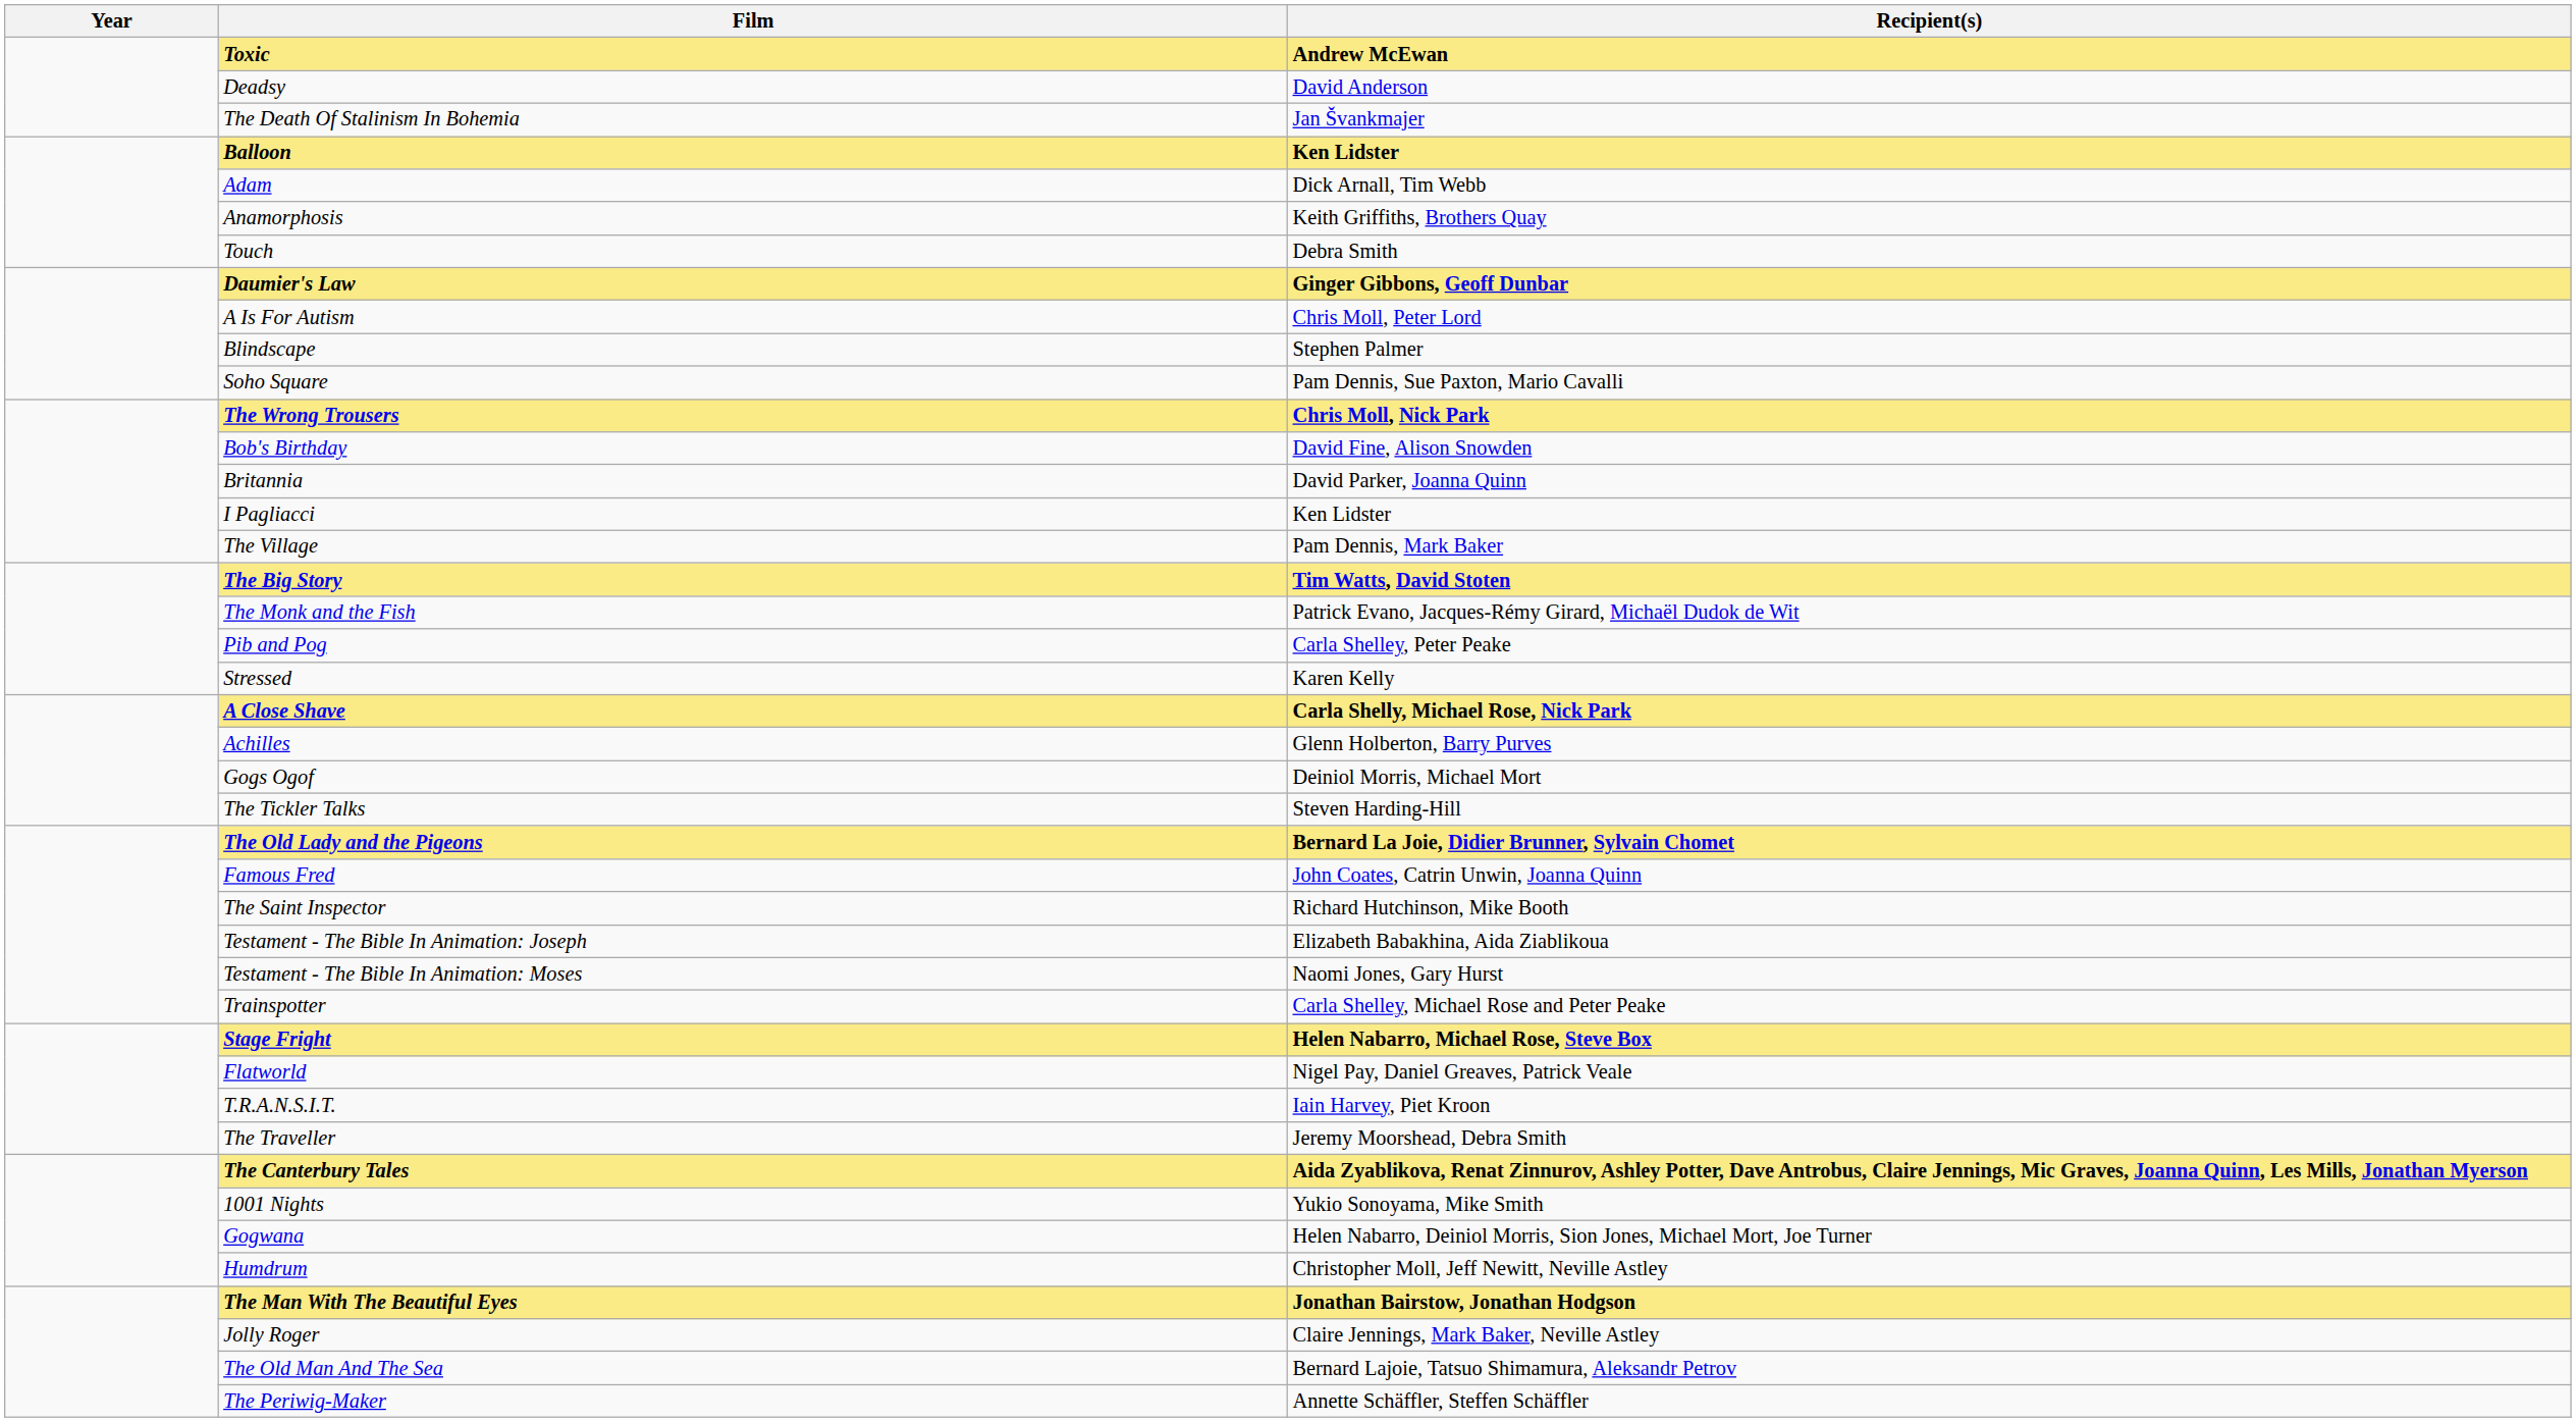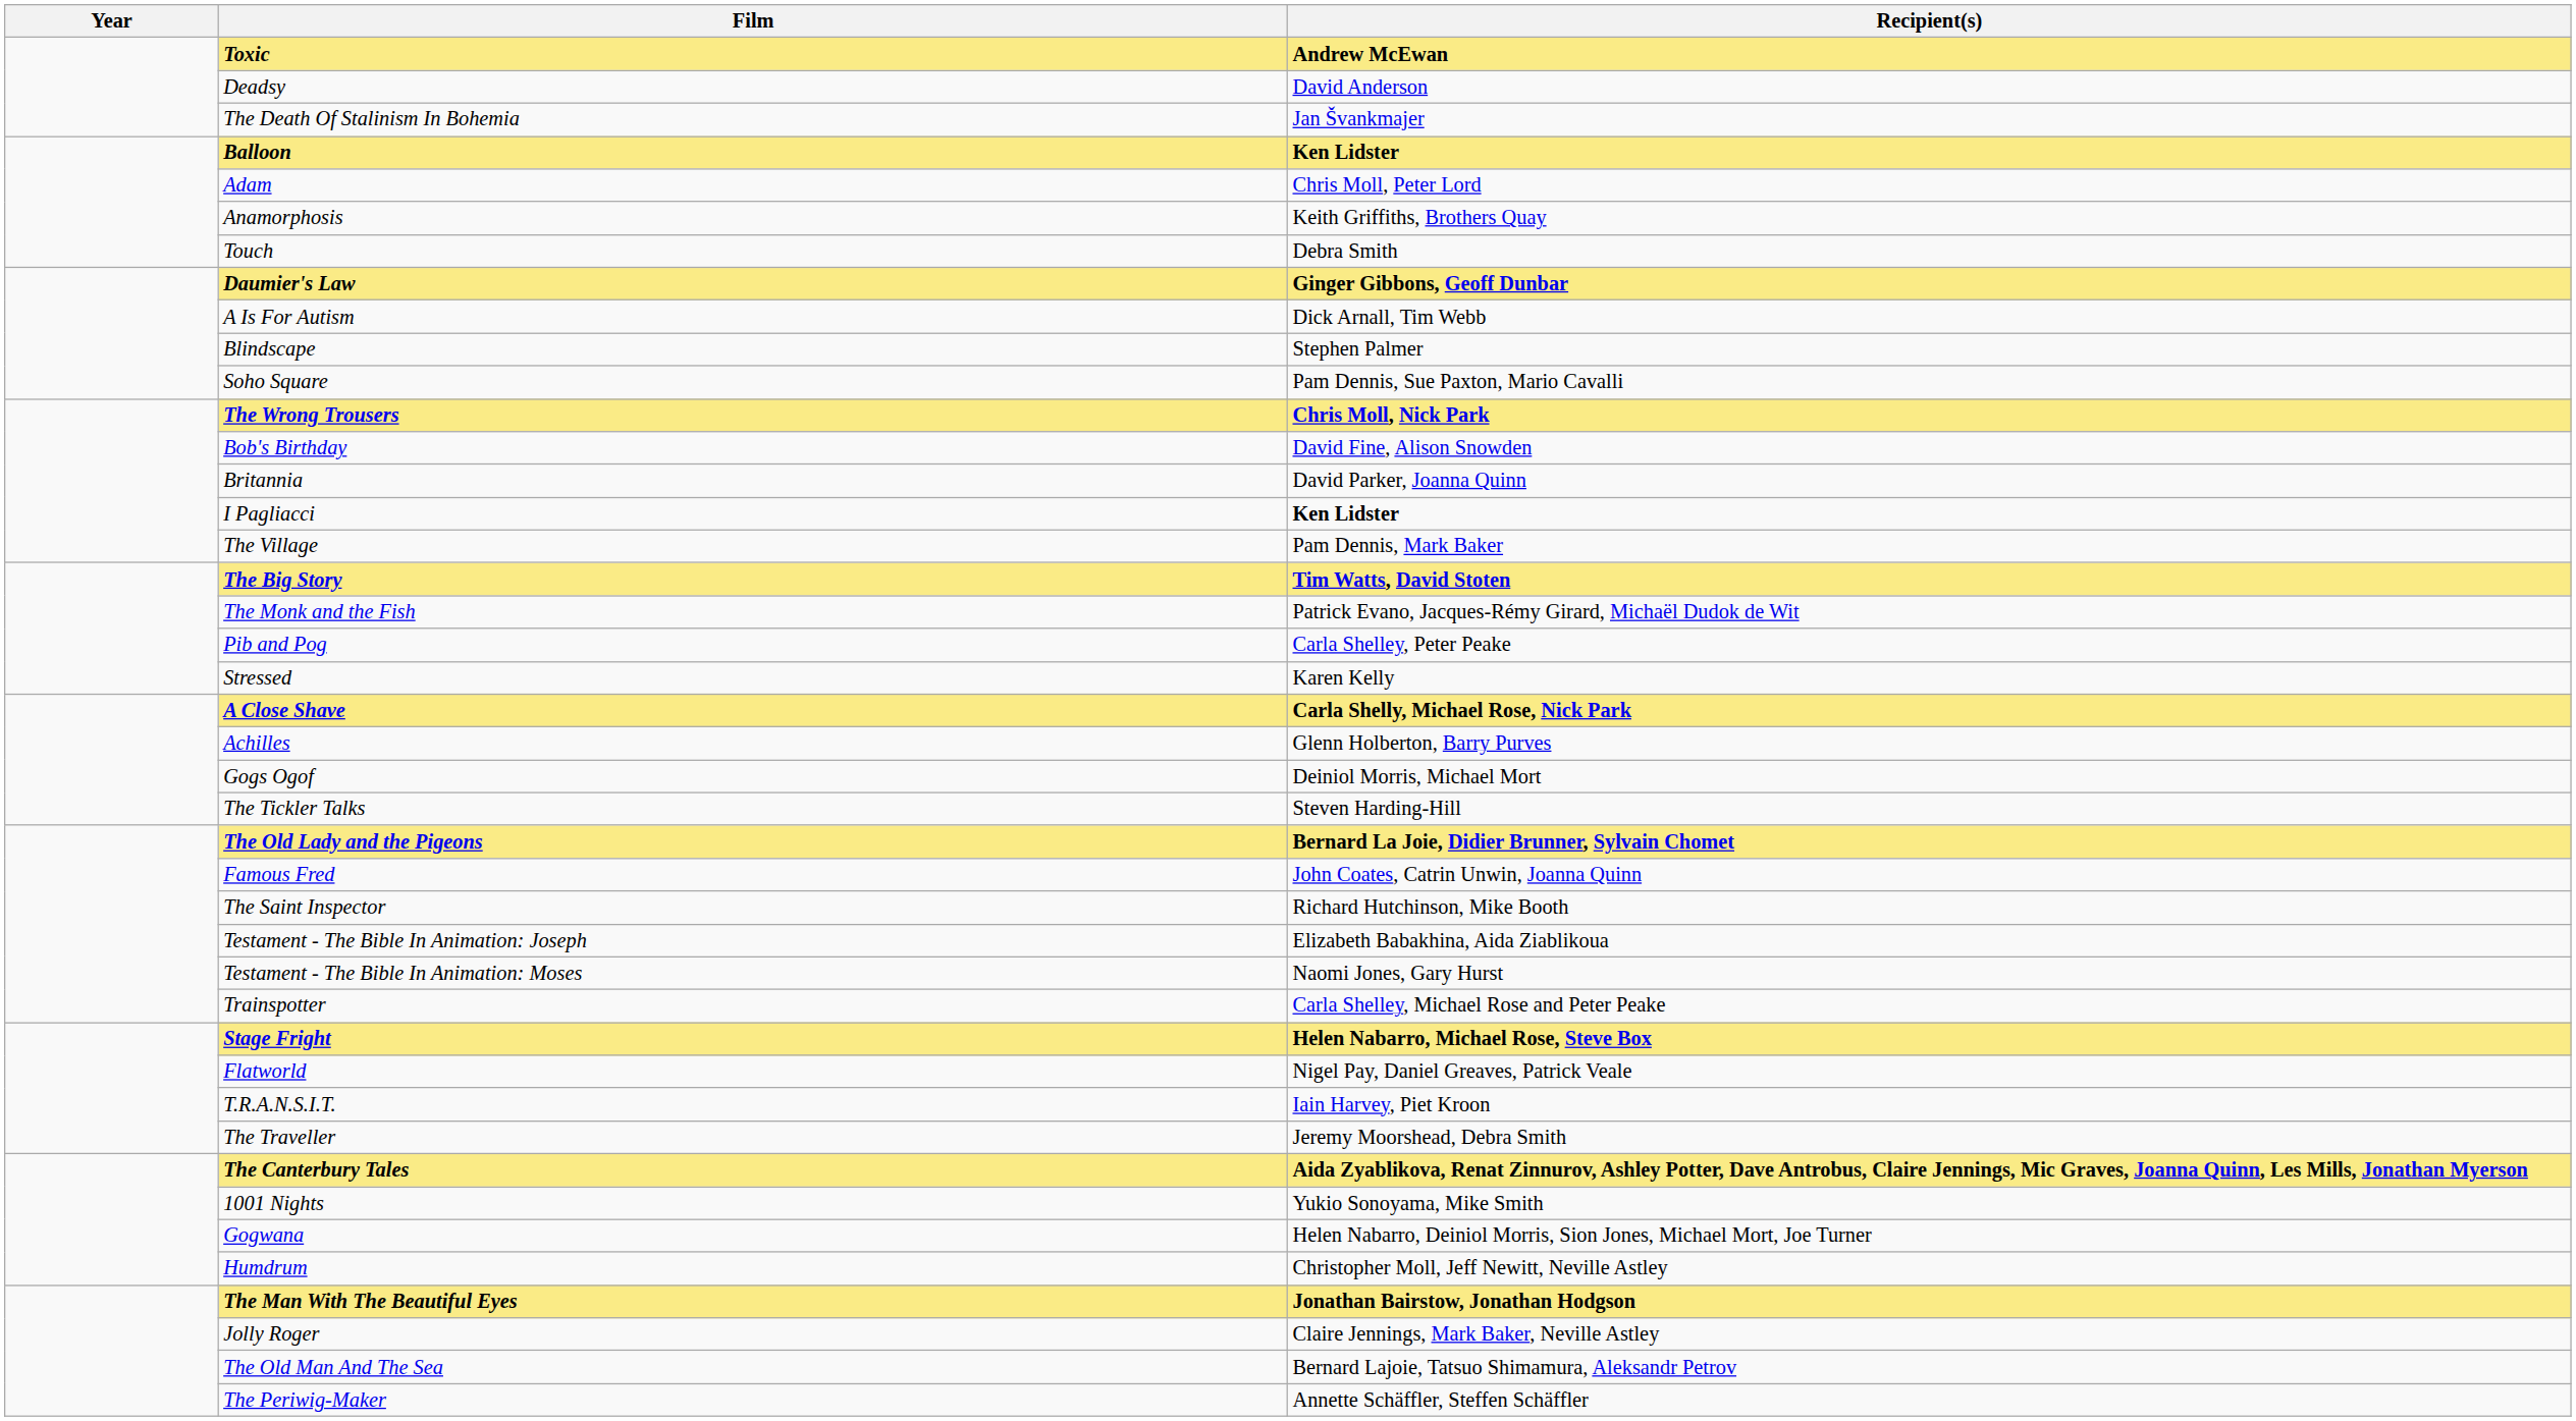 <table class="wikitable" style="width:100%;" cellpadding="5">
 <tr>
 <th style="width:5%;">Year</th>
 <th style="width:25%;">Film</th>
 <th style="width:30%;">Recipient(s)</th>
 </tr>
 <tr>
 <td rowspan="3"></td>
 <td style="background:#FAEB86"><strong><em>Toxic</em></strong></td>
 <td style="background:#FAEB86"><strong>Andrew McEwan</strong></td>
 </tr>
 <tr>
 <td><em>Deadsy</em></td>
 <td><a href='#'>David Anderson</a></td>
 </tr>
 <tr>
 <td><em>The Death Of Stalinism In Bohemia</em></td>
 <td><a href='#'>Jan Švankmajer</a></td>
 </tr>
 <tr>
 <td rowspan="4"></td>
 <td style="background:#FAEB86"><strong><em>Balloon</em></strong></td>
 <td style="background:#FAEB86"><strong>Ken Lidster</strong></td>
 </tr>
 <tr>
 <td><em><a href='#'>Adam</a></em></td>
-<td>Dick Arnall, Tim Webb</td>
+<td><a href='#'>Chris Moll</a>, <a href='#'>Peter Lord</a></td>
 </tr>
 <tr>
 <td><em>Anamorphosis</em></td>
 <td>Keith Griffiths, <a href='#'>Brothers Quay</a></td>
 </tr>
 <tr>
 <td><em>Touch</em></td>
 <td>Debra Smith</td>
 </tr>
 <tr>
 <td rowspan="4"></td>
 <td style="background:#FAEB86"><strong><em>Daumier's Law</em></strong></td>
 <td style="background:#FAEB86"><strong>Ginger Gibbons, <a href='#'>Geoff Dunbar</a></strong></td>
 </tr>
 <tr>
 <td><em>A Is For Autism</em></td>
-<td><a href='#'>Chris Moll</a>, <a href='#'>Peter Lord</a></td>
+<td>Dick Arnall, Tim Webb</td>
 </tr>
 <tr>
 <td><em>Blindscape</em></td>
 <td>Stephen Palmer</td>
 </tr>
 <tr>
 <td><em>Soho Square</em></td>
 <td>Pam Dennis, Sue Paxton, Mario Cavalli</td>
 </tr>
 <tr>
 <td rowspan="5"></td>
 <td style="background:#FAEB86"><strong><em><a href='#'>The Wrong Trousers</a></em></strong></td>
 <td style="background:#FAEB86"><strong><a href='#'>Chris Moll</a>, <a href='#'>Nick Park</a></strong></td>
 </tr>
 <tr>
 <td><em><a href='#'>Bob's Birthday</a></em></td>
 <td><a href='#'>David Fine</a>, <a href='#'>Alison Snowden</a></td>
 </tr>
 <tr>
 <td><em>Britannia</em></td>
 <td>David Parker, <a href='#'>Joanna Quinn</a></td>
 </tr>
 <tr>
 <td><em>I Pagliacci</em></td>
-<td>Ken Lidster</td>
+<td><strong>Ken Lidster</strong></td>
 </tr>
 <tr>
 <td><em>The Village</em></td>
 <td>Pam Dennis, <a href='#'>Mark Baker</a></td>
 </tr>
 <tr>
 <td rowspan="4"></td>
 <td style="background:#FAEB86"><strong><em><a href='#'>The Big Story</a></em></strong></td>
 <td style="background:#FAEB86"><strong><a href='#'>Tim Watts</a>, <a href='#'>David Stoten</a></strong></td>
 </tr>
 <tr>
 <td><em><a href='#'>The Monk and the Fish</a></em></td>
 <td>Patrick Evano, Jacques-Rémy Girard, <a href='#'>Michaël Dudok de Wit</a></td>
 </tr>
 <tr>
 <td><em><a href='#'>Pib and Pog</a></em></td>
 <td><a href='#'>Carla Shelley</a>, Peter Peake</td>
 </tr>
 <tr>
 <td><em>Stressed</em></td>
 <td>Karen Kelly</td>
 </tr>
 <tr>
 <td rowspan="4"></td>
 <td style="background:#FAEB86"><strong><em><a href='#'>A Close Shave</a></em></strong></td>
 <td style="background:#FAEB86"><strong>Carla Shelly, Michael Rose, <a href='#'>Nick Park</a></strong></td>
 </tr>
 <tr>
 <td><em><a href='#'>Achilles</a></em></td>
 <td>Glenn Holberton, <a href='#'>Barry Purves</a></td>
 </tr>
 <tr>
 <td><em>Gogs Ogof</em></td>
 <td>Deiniol Morris, Michael Mort</td>
 </tr>
 <tr>
 <td><em>The Tickler Talks</em></td>
 <td>Steven Harding-Hill</td>
 </tr>
 <tr>
 <td rowspan="6"></td>
 <td style="background:#FAEB86"><strong><em><a href='#'>The Old Lady and the Pigeons</a></em></strong></td>
 <td style="background:#FAEB86"><strong>Bernard La Joie, <a href='#'>Didier Brunner</a>, <a href='#'>Sylvain Chomet</a></strong></td>
 </tr>
 <tr>
 <td><em><a href='#'>Famous Fred</a></em></td>
 <td><a href='#'>John Coates</a>, Catrin Unwin, <a href='#'>Joanna Quinn</a></td>
 </tr>
 <tr>
 <td><em>The Saint Inspector</em></td>
 <td>Richard Hutchinson, Mike Booth</td>
 </tr>
 <tr>
 <td><em>Testament - The Bible In Animation: Joseph</em></td>
 <td>Elizabeth Babakhina, Aida Ziablikoua</td>
 </tr>
 <tr>
 <td><em>Testament - The Bible In Animation: Moses</em></td>
 <td>Naomi Jones, Gary Hurst</td>
 </tr>
 <tr>
 <td><em>Trainspotter</em></td>
 <td><a href='#'>Carla Shelley</a>, Michael Rose and Peter Peake</td>
 </tr>
 <tr>
 <td rowspan="4"></td>
 <td style="background:#FAEB86"><strong><em><a href='#'>Stage Fright</a></em></strong></td>
 <td style="background:#FAEB86"><strong>Helen Nabarro, Michael Rose, <a href='#'>Steve Box</a></strong></td>
 </tr>
 <tr>
 <td><em><a href='#'>Flatworld</a></em></td>
 <td>Nigel Pay, Daniel Greaves, Patrick Veale</td>
 </tr>
 <tr>
 <td><em>T.R.A.N.S.I.T.</em></td>
 <td><a href='#'>Iain Harvey</a>, Piet Kroon</td>
 </tr>
 <tr>
 <td><em>The Traveller</em></td>
 <td>Jeremy Moorshead, Debra Smith</td>
 </tr>
 <tr>
 <td rowspan="4"></td>
 <td style="background:#FAEB86"><strong><em>The Canterbury Tales</em></strong></td>
 <td style="background:#FAEB86"><strong>Aida Zyablikova, Renat Zinnurov, Ashley Potter, Dave Antrobus, Claire Jennings, Mic Graves, <a href='#'>Joanna Quinn</a>, Les Mills, <a href='#'>Jonathan Myerson</a></strong></td>
 </tr>
 <tr>
 <td><em>1001 Nights</em></td>
 <td>Yukio Sonoyama, Mike Smith</td>
 </tr>
 <tr>
 <td><em><a href='#'>Gogwana</a></em></td>
 <td>Helen Nabarro, Deiniol Morris, Sion Jones, Michael Mort, Joe Turner</td>
 </tr>
 <tr>
 <td><em><a href='#'>Humdrum</a></em></td>
 <td>Christopher Moll, Jeff Newitt, Neville Astley</td>
 </tr>
 <tr>
 <td rowspan="4"></td>
 <td style="background:#FAEB86"><strong><em>The Man With The Beautiful Eyes</em></strong></td>
 <td style="background:#FAEB86"><strong>Jonathan Bairstow, Jonathan Hodgson</strong></td>
 </tr>
 <tr>
 <td><em>Jolly Roger</em></td>
 <td>Claire Jennings, <a href='#'>Mark Baker</a>, Neville Astley</td>
 </tr>
 <tr>
 <td><em><a href='#'>The Old Man And The Sea</a></em></td>
 <td>Bernard Lajoie, Tatsuo Shimamura, <a href='#'>Aleksandr Petrov</a></td>
 </tr>
 <tr>
 <td><em><a href='#'>The Periwig-Maker</a></em></td>
 <td>Annette Schäffler, Steffen Schäffler</td>
 </tr>
 </table>
